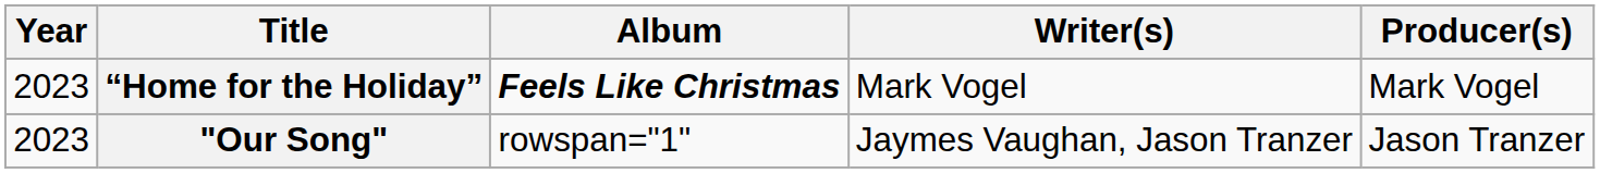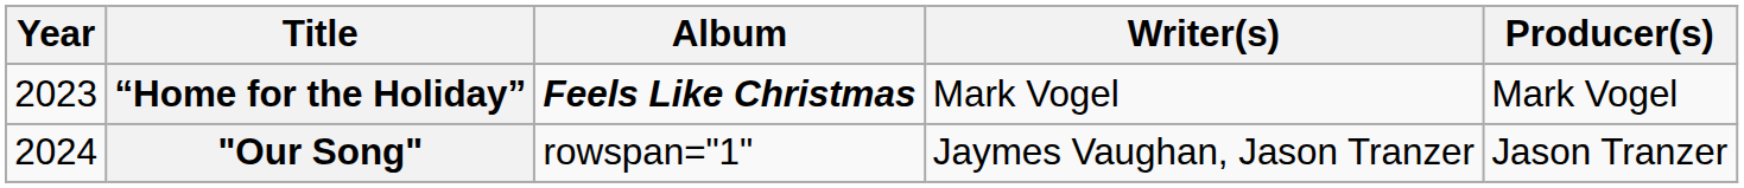 <table class="wikitable plainrowheaders" style="text-align:left;">
 <tr>
 <th scope="col">Year</th>
 <th scope="col">Title</th>
 <th scope="col">Album</th>
 <th scope="col">Writer(s)</th>
 <th scope="col">Producer(s)</th>
 </tr>
 <tr>
 <td>2023</td>
 <th scope="row">“Home for the Holiday”</th>
 <td><strong><em>Feels Like Christmas</em></strong></td>
 <td>Mark Vogel</td>
 <td>Mark Vogel</td>
 </tr>
 <tr>
-<td>2023</td>
+<td>2024</td>
 <th scope="row">"Our Song"</th>
 <td>rowspan="1" </td>
 <td>Jaymes Vaughan, Jason Tranzer</td>
 <td>Jason Tranzer</td>
 </tr>
 </table>
